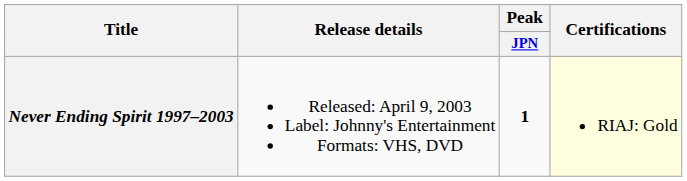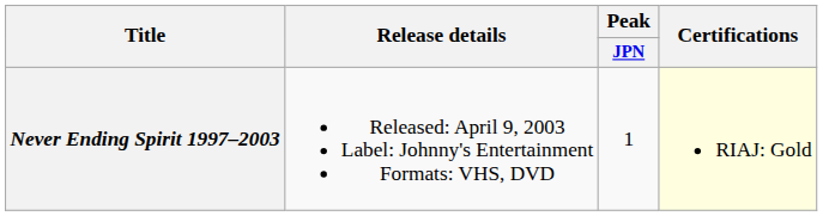 <table class="wikitable plainrowheaders" style="text-align:center;">
 <tr>
 <th scope="col" rowspan="2">Title</th>
 <th scope="col" rowspan="2">Release details</th>
 <th scope="col">Peak</th>
 <th scope="col" rowspan="2">Certifications</th>
 </tr>
 <tr>
 <th scope="col" style="width:3em;font-size:85%;"><a href='#'>JPN</a><br></th>
 </tr>
 <tr>
 <th scope="row"><em>Never Ending Spirit 1997–2003</em></th>
 <td><br><ul><li>Released: April 9, 2003</li><li>Label: Johnny's Entertainment</li><li>Formats: VHS, DVD</li></ul></td>
-<td><strong>1</strong></td>
+<td>1</td>
 <td style="background: lightyellow;"><br><ul><li>RIAJ: Gold</li></ul></td>
 </tr>
 </table>
